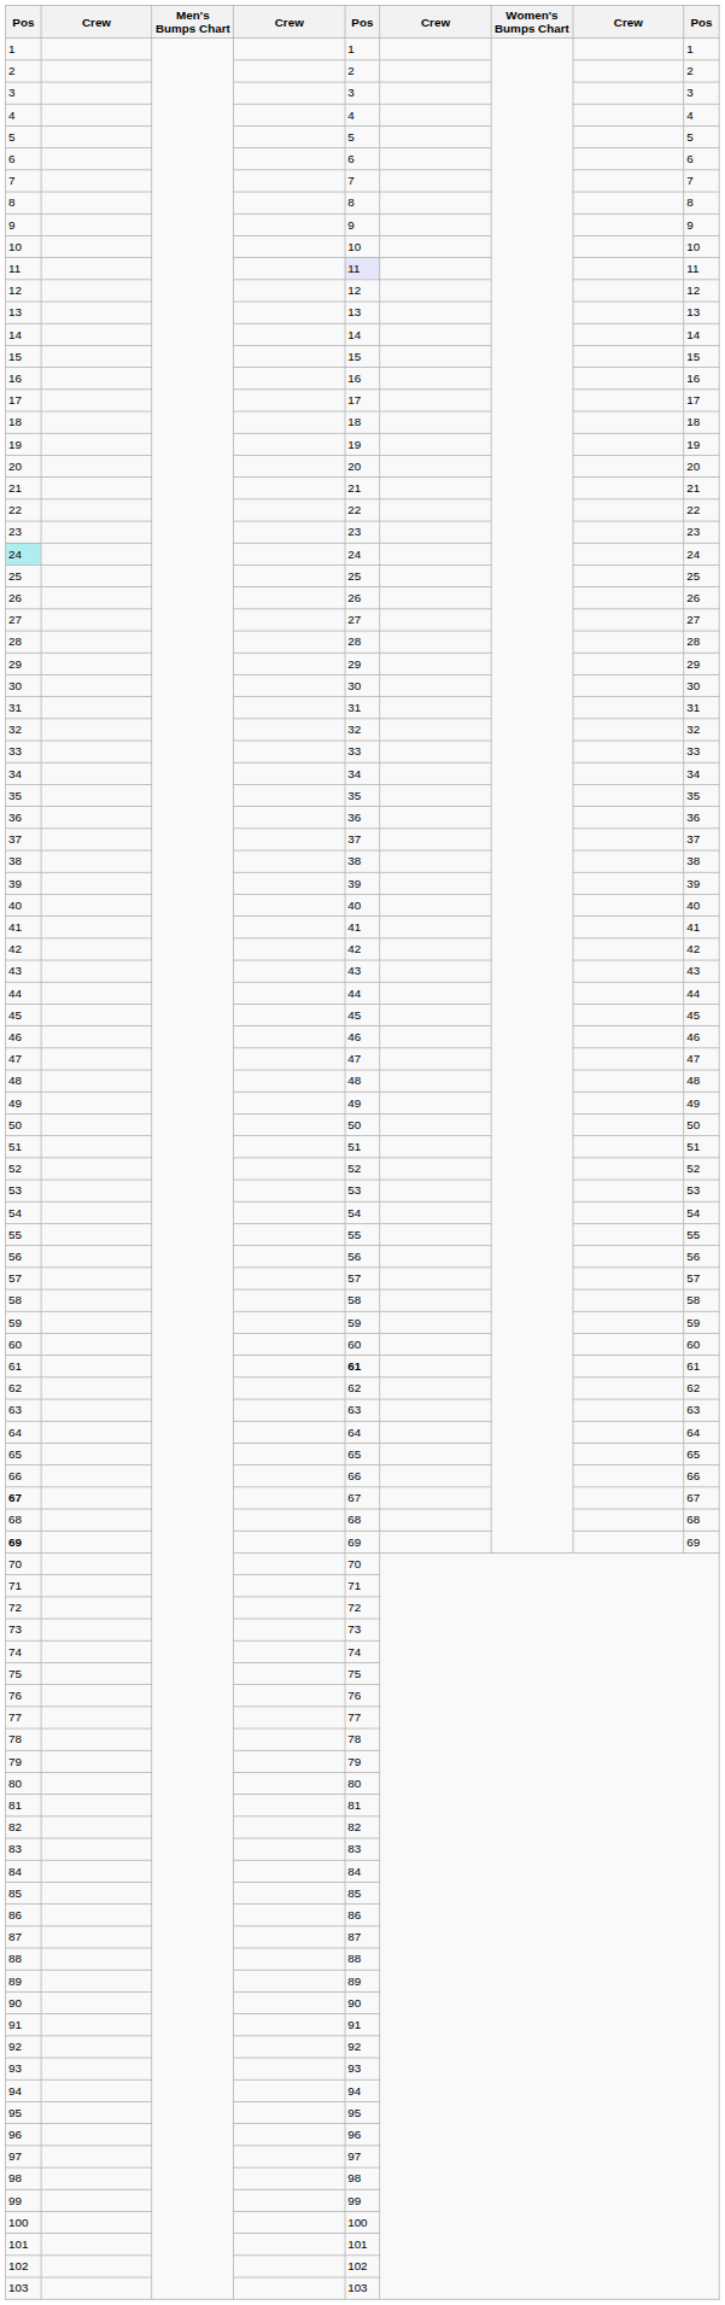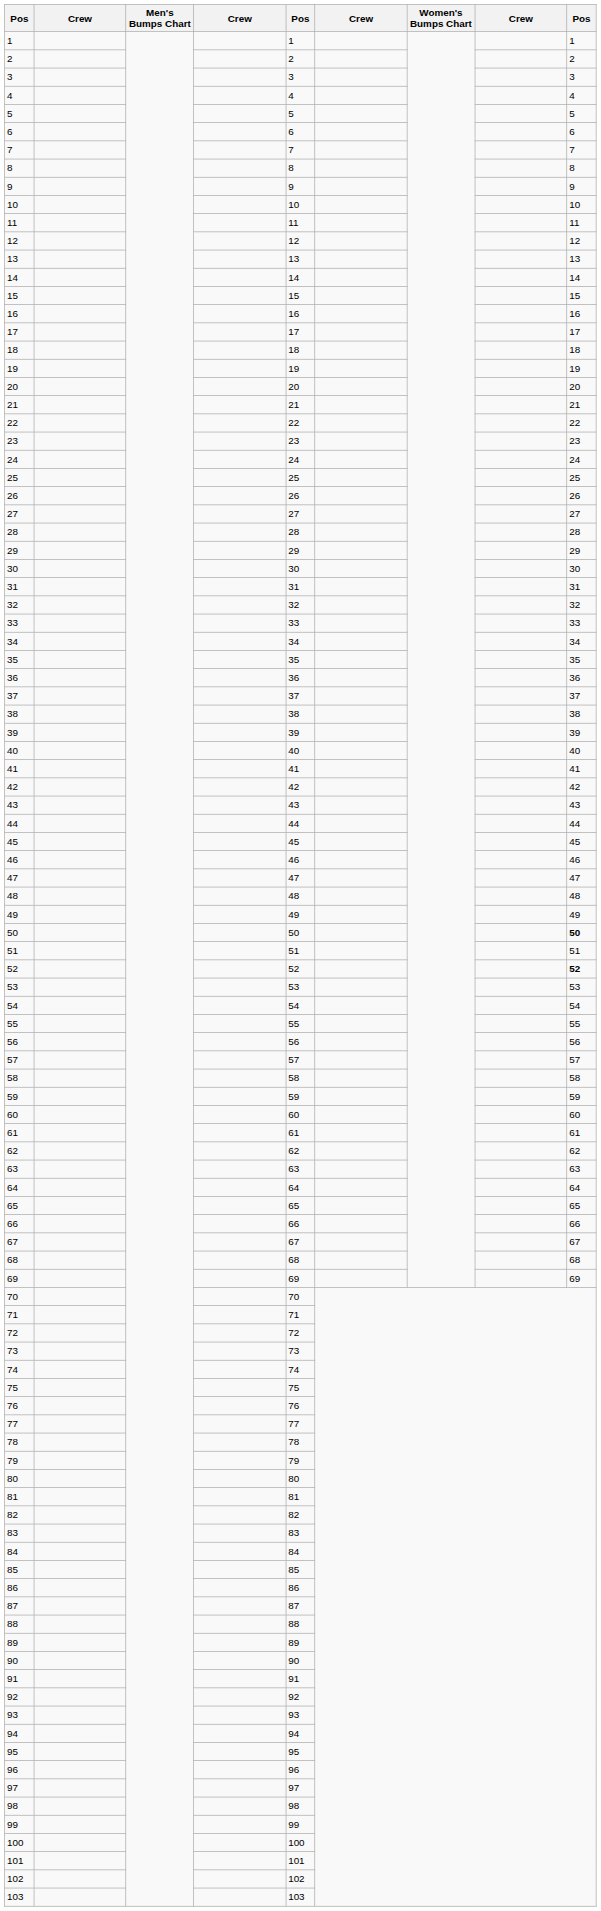 <table class="wikitable" style="font-size:88%; white-space:nowrap; margin:0.5em auto">
 <tr style="white-space:normal">
 <th width=35>Pos</th>
 <th width=125>Crew</th>
 <th width=90>Men's Bumps Chart</th>
 <th width=125>Crew</th>
 <th width=35>Pos</th>
 <th width=125>Crew</th>
 <th width=90>Women's Bumps Chart</th>
 <th width=125>Crew</th>
 <th width=35>Pos</th>
 </tr>
 <tr style="height:26px">
 <td>1</td>
 <td></td>
 <td rowspan="103" style="padding:0"><br></td>
 <td></td>
 <td>1</td>
 <td></td>
 <td rowspan="69" style="padding:0"><br></td>
 <td></td>
 <td>1</td>
 </tr>
 <tr style="height:26px">
 <td>2</td>
 <td></td>
 <td></td>
 <td>2</td>
 <td></td>
 <td></td>
 <td>2</td>
 </tr>
 <tr style="height:26px">
 <td>3</td>
 <td></td>
 <td></td>
 <td>3</td>
 <td></td>
 <td></td>
 <td>3</td>
 </tr>
 <tr style="height:26px">
 <td>4</td>
 <td></td>
 <td></td>
 <td>4</td>
 <td></td>
 <td></td>
 <td>4</td>
 </tr>
 <tr style="height:26px">
 <td>5</td>
 <td></td>
 <td></td>
 <td>5</td>
 <td></td>
 <td></td>
 <td>5</td>
 </tr>
 <tr style="height:26px">
 <td>6</td>
 <td></td>
 <td></td>
 <td>6</td>
 <td></td>
 <td></td>
 <td>6</td>
 </tr>
 <tr style="height:26px">
 <td>7</td>
 <td></td>
 <td></td>
 <td>7</td>
 <td></td>
 <td></td>
 <td>7</td>
 </tr>
 <tr style="height:26px">
 <td>8</td>
 <td></td>
 <td></td>
 <td>8</td>
 <td></td>
 <td></td>
 <td>8</td>
 </tr>
 <tr style="height:26px">
 <td>9</td>
 <td></td>
 <td></td>
 <td>9</td>
 <td></td>
 <td></td>
 <td>9</td>
 </tr>
 <tr style="height:26px">
 <td>10</td>
 <td></td>
 <td></td>
 <td>10</td>
 <td></td>
 <td></td>
 <td>10</td>
 </tr>
 <tr style="height:26px">
 <td>11</td>
 <td></td>
 <td></td>
-<td style="background: lavender;">11</td>
+<td>11</td>
 <td></td>
 <td></td>
 <td>11</td>
 </tr>
 <tr style="height:26px">
 <td>12</td>
 <td></td>
 <td></td>
 <td>12</td>
 <td></td>
 <td></td>
 <td>12</td>
 </tr>
 <tr style="height:26px">
 <td>13</td>
 <td></td>
 <td></td>
 <td>13</td>
 <td></td>
 <td></td>
 <td>13</td>
 </tr>
 <tr style="height:26px">
 <td>14</td>
 <td></td>
 <td></td>
 <td>14</td>
 <td></td>
 <td></td>
 <td>14</td>
 </tr>
 <tr style="height:26px">
 <td>15</td>
 <td></td>
 <td></td>
 <td>15</td>
 <td></td>
 <td></td>
 <td>15</td>
 </tr>
 <tr style="height:26px">
 <td>16</td>
 <td></td>
 <td></td>
 <td>16</td>
 <td></td>
 <td></td>
 <td>16</td>
 </tr>
 <tr style="height:26px">
 <td>17</td>
 <td></td>
 <td></td>
 <td>17</td>
 <td></td>
 <td></td>
 <td>17</td>
 </tr>
 <tr style="height:26px">
 <td>18</td>
 <td></td>
 <td></td>
 <td>18</td>
 <td></td>
 <td></td>
 <td>18</td>
 </tr>
 <tr style="height:26px">
 <td>19</td>
 <td></td>
 <td></td>
 <td>19</td>
 <td></td>
 <td></td>
 <td>19</td>
 </tr>
 <tr style="height:26px">
 <td>20</td>
 <td></td>
 <td></td>
 <td>20</td>
 <td></td>
 <td></td>
 <td>20</td>
 </tr>
 <tr style="height:26px">
 <td>21</td>
 <td></td>
 <td></td>
 <td>21</td>
 <td></td>
 <td></td>
 <td>21</td>
 </tr>
 <tr style="height:26px">
 <td>22</td>
 <td></td>
 <td></td>
 <td>22</td>
 <td></td>
 <td></td>
 <td>22</td>
 </tr>
 <tr style="height:26px">
 <td>23</td>
 <td></td>
 <td></td>
 <td>23</td>
 <td></td>
 <td></td>
 <td>23</td>
 </tr>
 <tr style="height:26px">
-<td style="background: paleturquoise;">24</td>
+<td>24</td>
 <td></td>
 <td></td>
 <td>24</td>
 <td></td>
 <td></td>
 <td>24</td>
 </tr>
 <tr style="height:26px">
 <td>25</td>
 <td></td>
 <td></td>
 <td>25</td>
 <td></td>
 <td></td>
 <td>25</td>
 </tr>
 <tr style="height:26px">
 <td>26</td>
 <td></td>
 <td></td>
 <td>26</td>
 <td></td>
 <td></td>
 <td>26</td>
 </tr>
 <tr style="height:26px">
 <td>27</td>
 <td></td>
 <td></td>
 <td>27</td>
 <td></td>
 <td></td>
 <td>27</td>
 </tr>
 <tr style="height:26px">
 <td>28</td>
 <td></td>
 <td></td>
 <td>28</td>
 <td></td>
 <td></td>
 <td>28</td>
 </tr>
 <tr style="height:26px">
 <td>29</td>
 <td></td>
 <td></td>
 <td>29</td>
 <td></td>
 <td></td>
 <td>29</td>
 </tr>
 <tr style="height:26px">
 <td>30</td>
 <td></td>
 <td></td>
 <td>30</td>
 <td></td>
 <td></td>
 <td>30</td>
 </tr>
 <tr style="height:26px">
 <td>31</td>
 <td></td>
 <td></td>
 <td>31</td>
 <td></td>
 <td></td>
 <td>31</td>
 </tr>
 <tr style="height:26px">
 <td>32</td>
 <td></td>
 <td></td>
 <td>32</td>
 <td></td>
 <td></td>
 <td>32</td>
 </tr>
 <tr style="height:26px">
 <td>33</td>
 <td></td>
 <td></td>
 <td>33</td>
 <td></td>
 <td></td>
 <td>33</td>
 </tr>
 <tr style="height:26px">
 <td>34</td>
 <td></td>
 <td></td>
 <td>34</td>
 <td></td>
 <td></td>
 <td>34</td>
 </tr>
 <tr style="height:26px">
 <td>35</td>
 <td></td>
 <td></td>
 <td>35</td>
 <td></td>
 <td></td>
 <td>35</td>
 </tr>
 <tr style="height:26px">
 <td>36</td>
 <td></td>
 <td></td>
 <td>36</td>
 <td></td>
 <td></td>
 <td>36</td>
 </tr>
 <tr style="height:26px">
 <td>37</td>
 <td></td>
 <td></td>
 <td>37</td>
 <td></td>
 <td></td>
 <td>37</td>
 </tr>
 <tr style="height:26px">
 <td>38</td>
 <td></td>
 <td></td>
 <td>38</td>
 <td></td>
 <td></td>
 <td>38</td>
 </tr>
 <tr style="height:26px">
 <td>39</td>
 <td></td>
 <td></td>
 <td>39</td>
 <td></td>
 <td></td>
 <td>39</td>
 </tr>
 <tr style="height:26px">
 <td>40</td>
 <td></td>
 <td></td>
 <td>40</td>
 <td></td>
 <td></td>
 <td>40</td>
 </tr>
 <tr style="height:26px">
 <td>41</td>
 <td></td>
 <td></td>
 <td>41</td>
 <td></td>
 <td></td>
 <td>41</td>
 </tr>
 <tr style="height:26px">
 <td>42</td>
 <td></td>
 <td></td>
 <td>42</td>
 <td></td>
 <td></td>
 <td>42</td>
 </tr>
 <tr style="height:26px">
 <td>43</td>
 <td></td>
 <td></td>
 <td>43</td>
 <td></td>
 <td></td>
 <td>43</td>
 </tr>
 <tr style="height:26px">
 <td>44</td>
 <td></td>
 <td></td>
 <td>44</td>
 <td></td>
 <td></td>
 <td>44</td>
 </tr>
 <tr style="height:26px">
 <td>45</td>
 <td></td>
 <td></td>
 <td>45</td>
 <td></td>
 <td></td>
 <td>45</td>
 </tr>
 <tr style="height:26px">
 <td>46</td>
 <td></td>
 <td></td>
 <td>46</td>
 <td></td>
 <td></td>
 <td>46</td>
 </tr>
 <tr style="height:26px">
 <td>47</td>
 <td></td>
 <td></td>
 <td>47</td>
 <td></td>
 <td></td>
 <td>47</td>
 </tr>
 <tr style="height:26px">
 <td>48</td>
 <td></td>
 <td></td>
 <td>48</td>
 <td></td>
 <td></td>
 <td>48</td>
 </tr>
 <tr style="height:26px">
 <td>49</td>
 <td></td>
 <td></td>
 <td>49</td>
 <td></td>
 <td></td>
 <td>49</td>
 </tr>
 <tr style="height:26px">
 <td>50</td>
 <td></td>
 <td></td>
 <td>50</td>
 <td></td>
 <td></td>
-<td>50</td>
+<td><strong>50</strong></td>
 </tr>
 <tr style="height:26px">
 <td>51</td>
 <td></td>
 <td></td>
 <td>51</td>
 <td></td>
 <td></td>
 <td>51</td>
 </tr>
 <tr style="height:26px">
 <td>52</td>
 <td></td>
 <td></td>
 <td>52</td>
 <td></td>
 <td></td>
-<td>52</td>
+<td><strong>52</strong></td>
 </tr>
 <tr style="height:26px">
 <td>53</td>
 <td></td>
 <td></td>
 <td>53</td>
 <td></td>
 <td></td>
 <td>53</td>
 </tr>
 <tr style="height:26px">
 <td>54</td>
 <td></td>
 <td></td>
 <td>54</td>
 <td></td>
 <td></td>
 <td>54</td>
 </tr>
 <tr style="height:26px">
 <td>55</td>
 <td></td>
 <td></td>
 <td>55</td>
 <td></td>
 <td></td>
 <td>55</td>
 </tr>
 <tr style="height:26px">
 <td>56</td>
 <td></td>
 <td></td>
 <td>56</td>
 <td></td>
 <td></td>
 <td>56</td>
 </tr>
 <tr style="height:26px">
 <td>57</td>
 <td></td>
 <td></td>
 <td>57</td>
 <td></td>
 <td></td>
 <td>57</td>
 </tr>
 <tr style="height:26px">
 <td>58</td>
 <td></td>
 <td></td>
 <td>58</td>
 <td></td>
 <td></td>
 <td>58</td>
 </tr>
 <tr style="height:26px">
 <td>59</td>
 <td></td>
 <td></td>
 <td>59</td>
 <td></td>
 <td></td>
 <td>59</td>
 </tr>
 <tr style="height:26px">
 <td>60</td>
 <td></td>
 <td></td>
 <td>60</td>
 <td></td>
 <td></td>
 <td>60</td>
 </tr>
 <tr style="height:26px">
 <td>61</td>
 <td></td>
 <td></td>
-<td><strong>61</strong></td>
+<td>61</td>
 <td></td>
 <td></td>
 <td>61</td>
 </tr>
 <tr style="height:26px">
 <td>62</td>
 <td></td>
 <td></td>
 <td>62</td>
 <td></td>
 <td></td>
 <td>62</td>
 </tr>
 <tr style="height:26px">
 <td>63</td>
 <td></td>
 <td></td>
 <td>63</td>
 <td></td>
 <td></td>
 <td>63</td>
 </tr>
 <tr style="height:26px">
 <td>64</td>
 <td></td>
 <td></td>
 <td>64</td>
 <td></td>
 <td></td>
 <td>64</td>
 </tr>
 <tr style="height:26px">
 <td>65</td>
 <td></td>
 <td></td>
 <td>65</td>
 <td></td>
 <td></td>
 <td>65</td>
 </tr>
 <tr style="height:26px">
 <td>66</td>
 <td></td>
 <td></td>
 <td>66</td>
 <td></td>
 <td></td>
 <td>66</td>
 </tr>
 <tr style="height:26px">
-<td><strong>67</strong></td>
+<td>67</td>
 <td></td>
 <td></td>
 <td>67</td>
 <td></td>
 <td></td>
 <td>67</td>
 </tr>
 <tr style="height:26px">
 <td>68</td>
 <td></td>
 <td></td>
 <td>68</td>
 <td></td>
 <td></td>
 <td>68</td>
 </tr>
 <tr style="height:26px">
-<td><strong>69</strong></td>
+<td>69</td>
 <td></td>
 <td></td>
 <td>69</td>
 <td></td>
 <td></td>
 <td>69</td>
 </tr>
 <tr style="height:26px">
 <td>70</td>
 <td></td>
 <td></td>
 <td>70</td>
 <td colspan="4" rowspan="34"> </td>
 </tr>
 <tr style="height:26px">
 <td>71</td>
 <td></td>
 <td></td>
 <td>71</td>
 </tr>
 <tr style="height:26px">
 <td>72</td>
 <td></td>
 <td></td>
 <td>72</td>
 </tr>
 <tr style="height:26px">
 <td>73</td>
 <td></td>
 <td></td>
 <td>73</td>
 </tr>
 <tr style="height:26px">
 <td>74</td>
 <td></td>
 <td></td>
 <td>74</td>
 </tr>
 <tr style="height:26px">
 <td>75</td>
 <td></td>
 <td></td>
 <td>75</td>
 </tr>
 <tr style="height:26px">
 <td>76</td>
 <td></td>
 <td></td>
 <td>76</td>
 </tr>
 <tr style="height:26px">
 <td>77</td>
 <td></td>
 <td></td>
 <td>77</td>
 </tr>
 <tr style="height:26px">
 <td>78</td>
 <td></td>
 <td></td>
 <td>78</td>
 </tr>
 <tr style="height:26px">
 <td>79</td>
 <td></td>
 <td></td>
 <td>79</td>
 </tr>
 <tr style="height:26px">
 <td>80</td>
 <td></td>
 <td></td>
 <td>80</td>
 </tr>
 <tr style="height:26px">
 <td>81</td>
 <td></td>
 <td></td>
 <td>81</td>
 </tr>
 <tr style="height:26px">
 <td>82</td>
 <td></td>
 <td></td>
 <td>82</td>
 </tr>
 <tr style="height:26px">
 <td>83</td>
 <td></td>
 <td></td>
 <td>83</td>
 </tr>
 <tr style="height:26px">
 <td>84</td>
 <td></td>
 <td></td>
 <td>84</td>
 </tr>
 <tr style="height:26px">
 <td>85</td>
 <td></td>
 <td></td>
 <td>85</td>
 </tr>
 <tr style="height:26px">
 <td>86</td>
 <td></td>
 <td></td>
 <td>86</td>
 </tr>
 <tr style="height:26px">
 <td>87</td>
 <td></td>
 <td></td>
 <td>87</td>
 </tr>
 <tr style="height:26px">
 <td>88</td>
 <td></td>
 <td></td>
 <td>88</td>
 </tr>
 <tr style="height:26px">
 <td>89</td>
 <td></td>
 <td></td>
 <td>89</td>
 </tr>
 <tr style="height:26px">
 <td>90</td>
 <td></td>
 <td></td>
 <td>90</td>
 </tr>
 <tr style="height:26px">
 <td>91</td>
 <td></td>
 <td></td>
 <td>91</td>
 </tr>
 <tr style="height:26px">
 <td>92</td>
 <td></td>
 <td></td>
 <td>92</td>
 </tr>
 <tr style="height:26px">
 <td>93</td>
 <td></td>
 <td></td>
 <td>93</td>
 </tr>
 <tr style="height:26px">
 <td>94</td>
 <td></td>
 <td></td>
 <td>94</td>
 </tr>
 <tr style="height:26px">
 <td>95</td>
 <td></td>
 <td></td>
 <td>95</td>
 </tr>
 <tr style="height:26px">
 <td>96</td>
 <td></td>
 <td></td>
 <td>96</td>
 </tr>
 <tr style="height:26px">
 <td>97</td>
 <td></td>
 <td></td>
 <td>97</td>
 </tr>
 <tr style="height:26px">
 <td>98</td>
 <td></td>
 <td></td>
 <td>98</td>
 </tr>
 <tr style="height:26px">
 <td>99</td>
 <td></td>
 <td></td>
 <td>99</td>
 </tr>
 <tr style="height:26px">
 <td>100</td>
 <td></td>
 <td></td>
 <td>100</td>
 </tr>
 <tr style="height:26px">
 <td>101</td>
 <td></td>
 <td></td>
 <td>101</td>
 </tr>
 <tr style="height:26px">
 <td>102</td>
 <td></td>
 <td></td>
 <td>102</td>
 </tr>
 <tr style="height:26px">
 <td>103</td>
 <td></td>
 <td></td>
 <td>103</td>
 </tr>
 </table>
